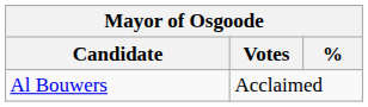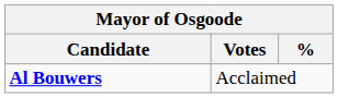 <table class="wikitable">
 <tr>
 <th colspan="3">Mayor of Osgoode</th>
 </tr>
 <tr>
 <th style="width: 170px">Candidate</th>
 <th style="width: 50px">Votes</th>
 <th style="width: 40px">%</th>
 </tr>
 <tr>
-<td><a href='#'>Al Bouwers</a></td>
+<td><strong><a href='#'>Al Bouwers</a></strong></td>
 <td colspan="2">Acclaimed</td>
 </tr>
 </table>
